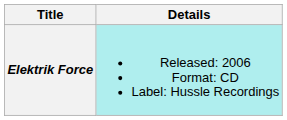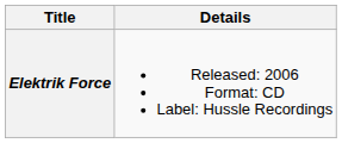 <table class="wikitable plainrowheaders" style="text-align:center;" border="1">
 <tr>
 <th>Title</th>
 <th>Details</th>
 </tr>
 <tr>
 <th scope="row"><em>Elektrik Force</em></th>
-<td style="background: paleturquoise;"><br><ul><li>Released: 2006</li><li>Format: CD</li><li>Label: Hussle Recordings</li></ul></td>
+<td><br><ul><li>Released: 2006</li><li>Format: CD</li><li>Label: Hussle Recordings</li></ul></td>
 </tr>
 </table>
